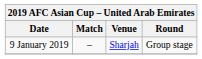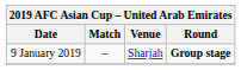 <table class="wikitable" style="margin:1em auto 1em auto; text-align:center; font-size:small;">
 <tr>
 <th colspan="4">2019 AFC Asian Cup – United Arab Emirates</th>
 </tr>
 <tr>
 <th>Date</th>
 <th>Match</th>
 <th>Venue</th>
 <th>Round</th>
 </tr>
 <tr>
 <td>9 January 2019</td>
 <td> – </td>
 <td><a href='#'>Sharjah</a></td>
-<td>Group stage</td>
+<td><strong>Group stage</strong></td>
 </tr>
 <tr>
 </tr>
 </table>
